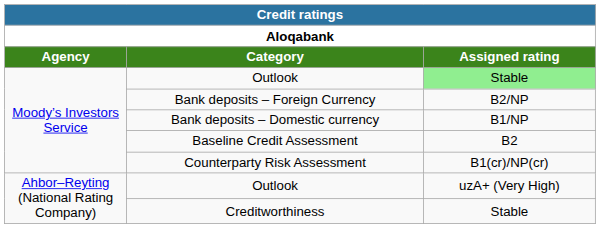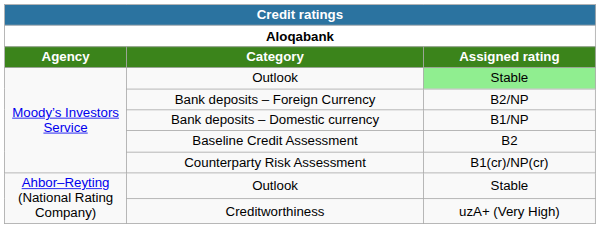 <table class="wikitable" style="text-align:center">
 <tr>
 <th colspan="3" style="background:#2B73A0; color:White">Credit ratings</th>
 </tr>
 <tr style="font-weight:bold">
 <th colspan="3" style="background:White">Aloqabank</th>
 </tr>
 <tr style="font-weight:bold">
 <th width ="140" style="background:#3B841B; color:White">Agency</th>
 <th ! width ="350" style="background:#3B841B; color:White">Category</th>
 <th ! width ="200" style="background:#3B841B; color:White">Assigned rating</th>
 </tr>
 <tr>
 <td rowspan=5><a href='#'>Moody’s Investors Service</a></td>
 <td>Outlook</td>
 <td style="background: lightgreen;">Stable</td>
 </tr>
 <tr>
 <td>Bank deposits – Foreign Currency</td>
 <td>B2/NP</td>
 </tr>
 <tr>
 <td>Bank deposits – Domestic currency</td>
 <td>B1/NP</td>
 </tr>
 <tr>
 <td>Baseline Credit Assessment</td>
 <td>B2</td>
 </tr>
 <tr>
 <td>Counterparty Risk Assessment</td>
 <td>B1(cr)/NP(cr)</td>
 </tr>
 <tr>
 <td rowspan=2><a href='#'>Ahbor–Reyting</a><br>(National Rating Company)</td>
 <td>Outlook</td>
-<td>uzA+ (Very High)</td>
+<td>Stable</td>
 </tr>
 <tr>
 <td>Creditworthiness</td>
-<td>Stable</td>
+<td>uzA+ (Very High)</td>
 </tr>
 </table>
